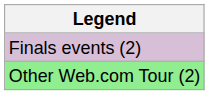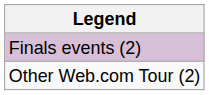 <table class="wikitable" style="font-size:95%;">
 <tr>
 <th>Legend</th>
 </tr>
 <tr style="background:#D8BFD8;">
 <td>Finals events (2)</td>
 </tr>
 <tr>
-<td style="background: lightgreen;">Other Web.com Tour (2)</td>
+<td>Other Web.com Tour (2)</td>
 </tr>
 </table>
